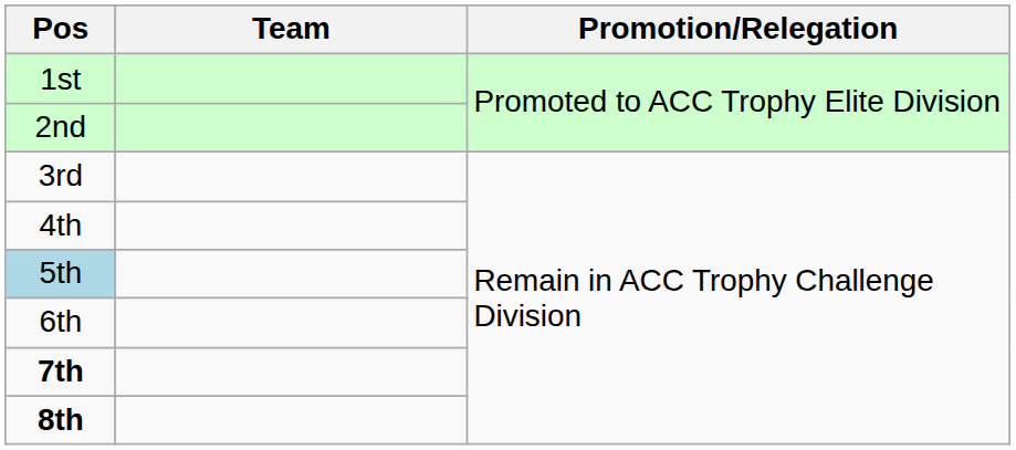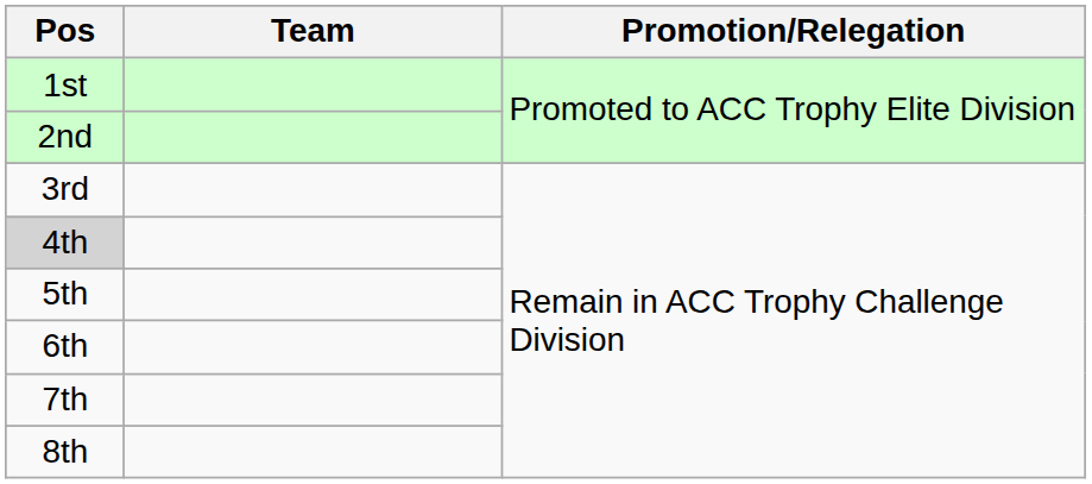 <table class="wikitable">
 <tr>
 <th width=50>Pos</th>
 <th width=175>Team</th>
 <th width=275>Promotion/Relegation</th>
 </tr>
 <tr style="background:#ccffcc">
 <td align="center">1st</td>
 <td></td>
 <td rowspan=2>Promoted to ACC Trophy Elite Division</td>
 </tr>
 <tr style="background:#ccffcc">
 <td align="center">2nd</td>
 <td></td>
 </tr>
 <tr>
 <td align="center">3rd</td>
 <td></td>
 <td rowspan=6>Remain in ACC Trophy Challenge Division</td>
 </tr>
 <tr>
-<td align="center">4th</td>
+<td align="center" style="background: lightgrey;">4th</td>
 <td></td>
 </tr>
 <tr>
-<td align="center" style="background: lightblue;">5th</td>
+<td align="center">5th</td>
 <td></td>
 </tr>
 <tr>
 <td align="center">6th</td>
 <td></td>
 </tr>
 <tr>
-<td align="center"><strong>7th</strong></td>
+<td align="center">7th</td>
 <td></td>
 </tr>
 <tr>
-<td align="center"><strong>8th</strong></td>
+<td align="center">8th</td>
 <td></td>
 </tr>
 </table>
